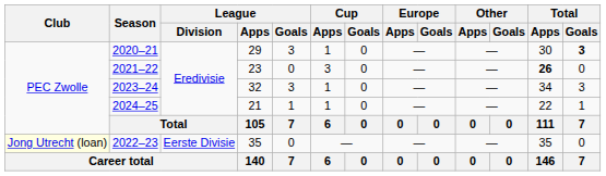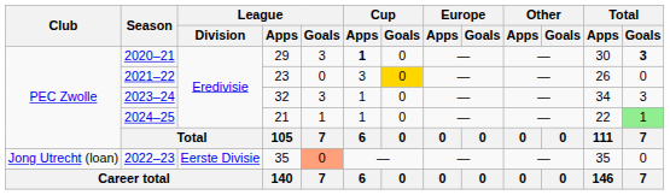 <table class="wikitable" style="text-align:center">
 <tr>
 <th rowspan="2">Club</th>
 <th rowspan="2">Season</th>
 <th colspan="3">League</th>
 <th colspan="2">Cup</th>
 <th colspan="2">Europe</th>
 <th colspan="2">Other</th>
 <th colspan="2">Total</th>
 </tr>
 <tr>
 <th>Division</th>
 <th>Apps</th>
 <th>Goals</th>
 <th>Apps</th>
 <th>Goals</th>
 <th>Apps</th>
 <th>Goals</th>
 <th>Apps</th>
 <th>Goals</th>
 <th>Apps</th>
 <th>Goals</th>
 </tr>
 <tr>
 <td rowspan="5"><a href='#'>PEC Zwolle</a></td>
 <td><a href='#'>2020–21</a></td>
 <td rowspan="4"><a href='#'>Eredivisie</a></td>
 <td>29</td>
 <td>3</td>
-<td>1</td>
+<td><strong>1</strong></td>
 <td>0</td>
 <td colspan=2>—</td>
 <td colspan=2>—</td>
 <td>30</td>
 <td><strong>3</strong></td>
 </tr>
 <tr>
 <td><a href='#'>2021–22</a></td>
 <td>23</td>
 <td>0</td>
 <td>3</td>
-<td>0</td>
+<td style="background: gold;">0</td>
 <td colspan=2>—</td>
 <td colspan=2>—</td>
-<td><strong>26</strong></td>
+<td>26</td>
 <td>0</td>
 </tr>
 <tr>
 <td><a href='#'>2023–24</a></td>
 <td>32</td>
 <td>3</td>
 <td>1</td>
 <td>0</td>
 <td colspan=2>—</td>
 <td colspan=2>—</td>
 <td>34</td>
 <td>3</td>
 </tr>
 <tr>
 <td><a href='#'>2024–25</a></td>
 <td>21</td>
 <td>1</td>
 <td>1</td>
 <td>0</td>
 <td colspan=2>—</td>
 <td colspan=2>—</td>
 <td>22</td>
-<td>1</td>
+<td style="background: lightgreen;">1</td>
 </tr>
 <tr>
 <th colspan="2">Total</th>
 <th>105</th>
 <th>7</th>
 <th>6</th>
 <th>0</th>
 <th>0</th>
 <th>0</th>
 <th>0</th>
 <th>0</th>
 <th>111</th>
 <th>7</th>
 </tr>
 <tr>
-<td style="background: lightyellow;"><a href='#'>Jong Utrecht</a> (loan)</td>
+<td><a href='#'>Jong Utrecht</a> (loan)</td>
 <td><a href='#'>2022–23</a></td>
 <td><a href='#'>Eerste Divisie</a></td>
 <td>35</td>
-<td>0</td>
+<td style="background: lightsalmon;">0</td>
 <td colspan=2>—</td>
 <td colspan=2>—</td>
 <td colspan=2>—</td>
 <td>35</td>
 <td>0</td>
 </tr>
 <tr>
 <th colspan="3">Career total</th>
 <th>140</th>
 <th>7</th>
 <th>6</th>
 <th>0</th>
 <th>0</th>
 <th>0</th>
 <th>0</th>
 <th>0</th>
 <th>146</th>
 <th>7</th>
 </tr>
 </table>
